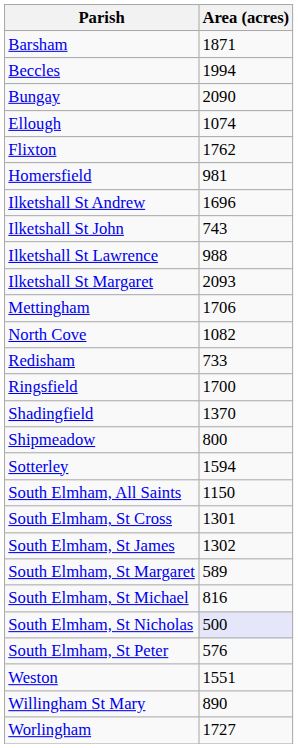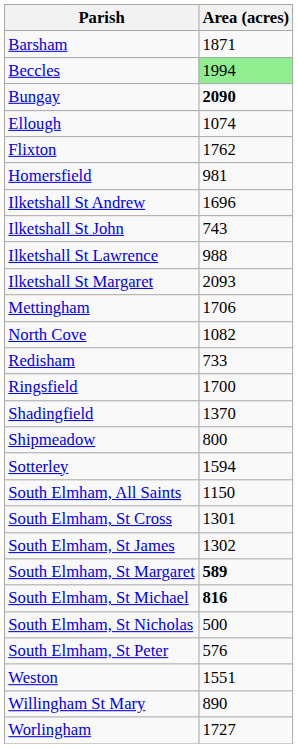 <table class="sortable wikitable vatop" style=" margin-right:2em;">
 <tr>
 <th>Parish</th>
 <th>Area (acres)</th>
 </tr>
 <tr>
 <td><a href='#'>Barsham</a></td>
 <td>1871</td>
 </tr>
 <tr>
 <td><a href='#'>Beccles</a></td>
-<td>1994</td>
+<td style="background: lightgreen;">1994</td>
 </tr>
 <tr>
 <td><a href='#'>Bungay</a></td>
-<td>2090</td>
+<td><strong>2090</strong></td>
 </tr>
 <tr>
 <td><a href='#'>Ellough</a></td>
 <td>1074</td>
 </tr>
 <tr>
 <td><a href='#'>Flixton</a></td>
 <td>1762</td>
 </tr>
 <tr>
 <td><a href='#'>Homersfield</a></td>
 <td>981</td>
 </tr>
 <tr>
 <td><a href='#'>Ilketshall St Andrew</a></td>
 <td>1696</td>
 </tr>
 <tr>
 <td><a href='#'>Ilketshall St John</a></td>
 <td>743</td>
 </tr>
 <tr>
 <td><a href='#'>Ilketshall St Lawrence</a></td>
 <td>988</td>
 </tr>
 <tr>
 <td><a href='#'>Ilketshall St Margaret</a></td>
 <td>2093</td>
 </tr>
 <tr>
 <td><a href='#'>Mettingham</a></td>
 <td>1706</td>
 </tr>
 <tr>
 <td><a href='#'>North Cove</a></td>
 <td>1082</td>
 </tr>
 <tr>
 <td><a href='#'>Redisham</a></td>
 <td>733</td>
 </tr>
 <tr>
 <td><a href='#'>Ringsfield</a></td>
 <td>1700</td>
 </tr>
 <tr>
 <td><a href='#'>Shadingfield</a></td>
 <td>1370</td>
 </tr>
 <tr>
 <td><a href='#'>Shipmeadow</a></td>
 <td>800</td>
 </tr>
 <tr>
 <td><a href='#'>Sotterley</a></td>
 <td>1594</td>
 </tr>
 <tr>
 <td><a href='#'>South Elmham, All Saints</a></td>
 <td>1150</td>
 </tr>
 <tr>
 <td><a href='#'>South Elmham, St Cross</a></td>
 <td>1301</td>
 </tr>
 <tr>
 <td><a href='#'>South Elmham, St James</a></td>
 <td>1302</td>
 </tr>
 <tr>
 <td><a href='#'>South Elmham, St Margaret</a></td>
-<td>589</td>
+<td><strong>589</strong></td>
 </tr>
 <tr>
 <td><a href='#'>South Elmham, St Michael</a></td>
-<td>816</td>
+<td><strong>816</strong></td>
 </tr>
 <tr>
 <td><a href='#'>South Elmham, St Nicholas</a></td>
-<td style="background: lavender;">500</td>
+<td>500</td>
 </tr>
 <tr>
 <td><a href='#'>South Elmham, St Peter</a></td>
 <td>576</td>
 </tr>
 <tr>
 <td><a href='#'>Weston</a></td>
 <td>1551</td>
 </tr>
 <tr>
 <td><a href='#'>Willingham St Mary</a></td>
 <td>890</td>
 </tr>
 <tr>
 <td><a href='#'>Worlingham</a></td>
 <td>1727</td>
 </tr>
 </table>
